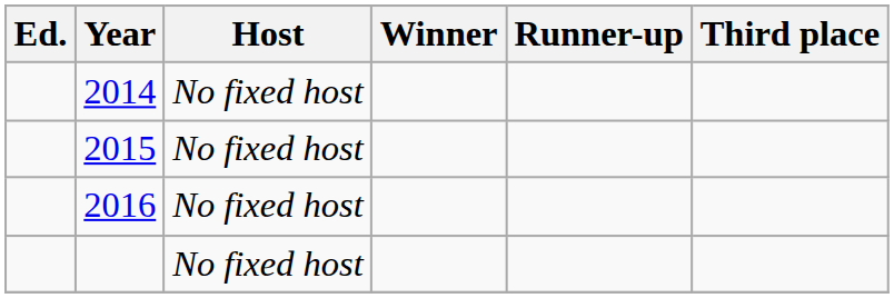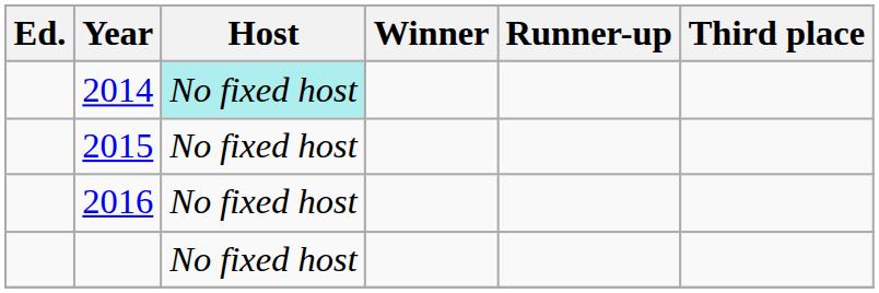 <table class= "wikitable sortable">
 <tr>
 <th>Ed.</th>
 <th>Year</th>
 <th>Host</th>
 <th>Winner</th>
 <th>Runner-up</th>
 <th>Third place</th>
 </tr>
 <tr>
 <td></td>
 <td align=center><a href='#'>2014</a></td>
-<td><em>No fixed host</em></td>
+<td style="background: paleturquoise;"><em>No fixed host</em></td>
 <td><strong></strong></td>
 <td></td>
 <td></td>
 </tr>
 <tr>
 <td></td>
 <td align=center><a href='#'>2015</a></td>
 <td><em>No fixed host</em></td>
 <td><strong></strong></td>
 <td></td>
 <td></td>
 </tr>
 <tr>
 <td></td>
 <td align=center><a href='#'>2016</a></td>
 <td><em>No fixed host</em></td>
 <td><strong></strong></td>
 <td></td>
 <td></td>
 </tr>
 <tr>
 <td></td>
 <td></td>
 <td><em>No fixed host</em></td>
 <td><strong></strong></td>
 <td></td>
 <td></td>
 </tr>
 <tr>
 </tr>
 </table>
